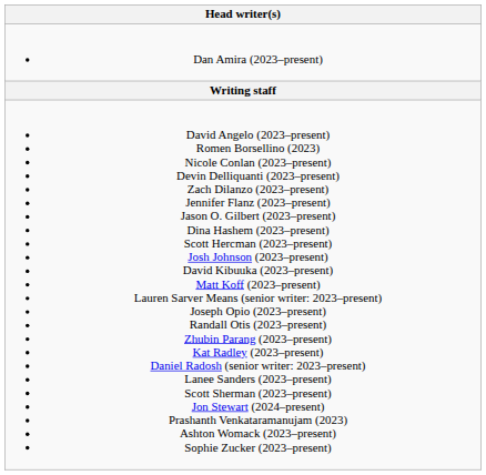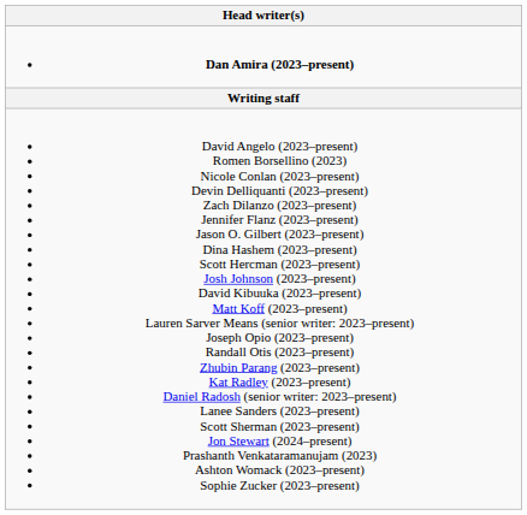 <table class="wikitable plainrowheaders"  style="text-align:center; width:50%;">
 <tr>
 <th><strong>Head writer(s)</strong></th>
 </tr>
 <tr>
-<td><br><ul><li>Dan Amira (2023–present)</li></ul></td>
+<td><strong><br><ul><li>Dan Amira (2023–present)</li></ul></strong></td>
 </tr>
 <tr>
 <th><strong>Writing staff</strong></th>
 </tr>
 <tr>
 <td><br><ul><li>David Angelo (2023–present)</li><li>Romen Borsellino (2023)</li><li>Nicole Conlan (2023–present)</li><li>Devin Delliquanti (2023–present)</li><li>Zach Dilanzo (2023–present)</li><li>Jennifer Flanz (2023–present)</li><li>Jason O. Gilbert (2023–present)</li><li>Dina Hashem (2023–present)</li><li>Scott Hercman (2023–present)</li><li><a href='#'>Josh Johnson</a> (2023–present)</li><li>David Kibuuka (2023–present)</li><li><a href='#'>Matt Koff</a> (2023–present)</li><li>Lauren Sarver Means (senior writer: 2023–present)</li><li>Joseph Opio (2023–present)</li><li>Randall Otis (2023–present)</li><li><a href='#'>Zhubin Parang</a> (2023–present)</li><li><a href='#'>Kat Radley</a> (2023–present)</li><li><a href='#'>Daniel Radosh</a> (senior writer: 2023–present)</li><li>Lanee Sanders (2023–present)</li><li>Scott Sherman (2023–present)</li><li><a href='#'>Jon Stewart</a> (2024–present)</li><li>Prashanth Venkataramanujam (2023)</li><li>Ashton Womack (2023–present)</li><li>Sophie Zucker (2023–present)</li></ul></td>
 </tr>
 </table>
